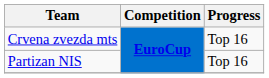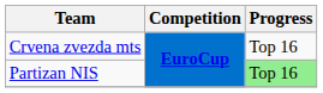 <table class="wikitable sortable">
 <tr>
 <th>Team</th>
 <th>Competition</th>
 <th>Progress</th>
 </tr>
 <tr>
 <td><a href='#'>Crvena zvezda mts</a></td>
 <td rowspan="2" style="background-color:#0072CE;color:white;text-align:center"><strong><a href='#'><span>EuroCup</span></a></strong></td>
 <td>Top 16</td>
 </tr>
 <tr>
 <td><a href='#'>Partizan NIS</a></td>
-<td>Top 16</td>
+<td style="background: lightgreen;">Top 16</td>
 </tr>
 <tr>
 </tr>
 </table>
